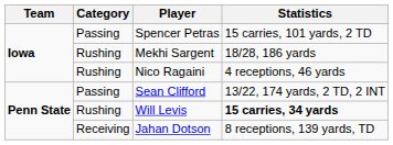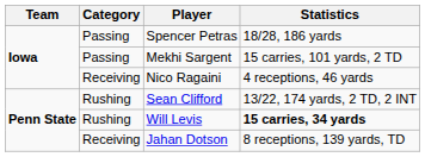 <table class="wikitable" style="float: left;">
 <tr>
 <th>Team</th>
 <th>Category</th>
 <th>Player</th>
 <th>Statistics</th>
 </tr>
 <tr>
 <td rowspan=3><strong>Iowa</strong></td>
 <td>Passing</td>
 <td>Spencer Petras</td>
+<td>18/28, 186 yards</td>
+</tr>
+<tr>
+<td>Passing</td>
+<td>Mekhi Sargent</td>
 <td>15 carries, 101 yards, 2 TD</td>
 </tr>
 <tr>
-<td>Rushing</td>
-<td>Mekhi Sargent</td>
-<td>18/28, 186 yards</td>
-</tr>
-<tr>
-<td>Rushing</td>
+<td>Receiving</td>
 <td>Nico Ragaini</td>
 <td>4 receptions, 46 yards</td>
 </tr>
 <tr>
 <td rowspan=3><strong>Penn State</strong></td>
-<td>Passing</td>
+<td>Rushing</td>
 <td><a href='#'>Sean Clifford</a></td>
 <td>13/22, 174 yards, 2 TD, 2 INT</td>
 </tr>
 <tr>
 <td>Rushing</td>
 <td><a href='#'>Will Levis</a></td>
 <td><strong>15 carries, 34 yards</strong></td>
 </tr>
 <tr>
 <td>Receiving</td>
 <td><a href='#'>Jahan Dotson</a></td>
 <td>8 receptions, 139 yards, TD</td>
 </tr>
 </table>
